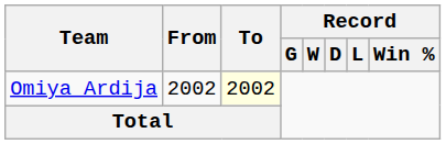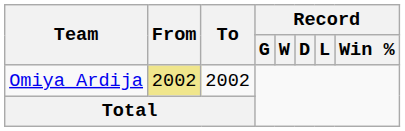 <table class="wikitable" style="text-align: center">
 <tr>
 <th rowspan="2">Team</th>
 <th rowspan="2">From</th>
 <th rowspan="2">To</th>
 <th colspan="5">Record</th>
 </tr>
 <tr>
 <th>G</th>
 <th>W</th>
 <th>D</th>
 <th>L</th>
 <th>Win %</th>
 </tr>
 <tr>
 <td align="left"><a href='#'>Omiya Ardija</a></td>
-<td align="left">2002</td>
-<td align="left" style="background: lightyellow;">2002<br></td>
+<td align="left" style="background: khaki;">2002</td>
+<td align="left">2002<br></td>
 </tr>
 <tr>
 <th colspan="3">Total<br></th>
 </tr>
 </table>
